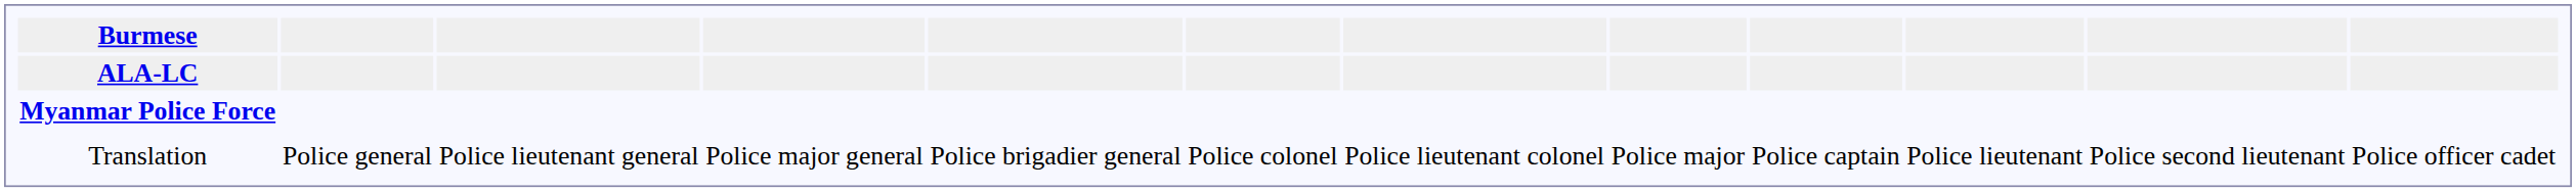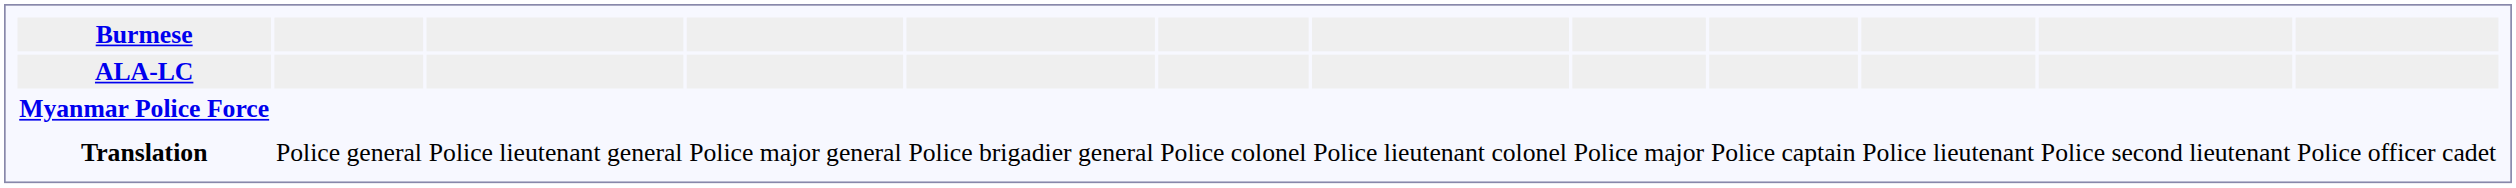 <table style="border:1px solid #8888aa; background-color:#f7f8ff; padding:5px; font-size:95%; margin: 0px 12px 12px 0px;">
 <tr style="text-align:center; background:#efefef;">
 <th><a href='#'>Burmese</a></th>
 <td colspan=4></td>
 <td colspan=2></td>
 <td colspan=2></td>
 <td colspan=2></td>
 <td colspan=2></td>
 <td colspan=2></td>
 <td colspan=2></td>
 <td colspan=2></td>
 <td colspan=3></td>
 <td colspan=3></td>
 <td colspan=12></td>
 </tr>
 <tr style="text-align:center; background:#efefef;">
 <th><a href='#'>ALA-LC</a></th>
 <td colspan=4></td>
 <td colspan=2></td>
 <td colspan=2></td>
 <td colspan=2></td>
 <td colspan=2></td>
 <td colspan=2></td>
 <td colspan=2></td>
 <td colspan=2></td>
 <td colspan=3></td>
 <td colspan=3></td>
 <td colspan=12></td>
 </tr>
 <tr style="text-align:center;">
 <td><strong> <a href='#'>Myanmar Police Force</a></strong></td>
 <td colspan=4></td>
 <td colspan=2></td>
 <td colspan=2></td>
 <td colspan=2></td>
 <td colspan=2></td>
 <td colspan=2></td>
 <td colspan=2></td>
 <td colspan=2></td>
 <td colspan=3></td>
 <td colspan=4></td>
 <td colspan=3></td>
 </tr>
 <tr style="text-align:center;">
 <td colspan=38></td>
 </tr>
 <tr style="text-align:center;">
-<td>Translation</td>
+<td><strong>Translation</strong></td>
 <td colspan=4>Police general</td>
 <td colspan=2>Police lieutenant general</td>
 <td colspan=2>Police major general</td>
 <td colspan=2>Police brigadier general</td>
 <td colspan=2>Police colonel</td>
 <td colspan=2>Police lieutenant colonel</td>
 <td colspan=2>Police major</td>
 <td colspan=2>Police captain</td>
 <td colspan=3>Police lieutenant</td>
 <td colspan=3>Police second lieutenant</td>
 <td colspan=12>Police officer cadet</td>
 </tr>
 </table>
